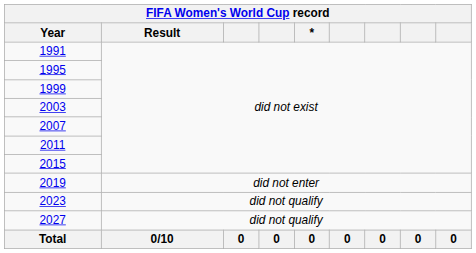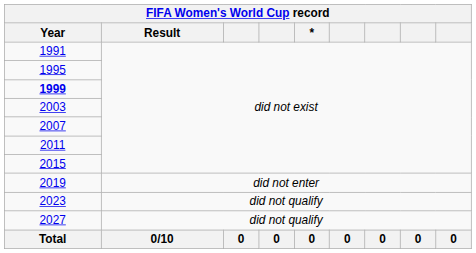 <table class="wikitable" style="text-align: center; width:50%;">
 <tr>
 <th colspan=10><a href='#'>FIFA Women's World Cup</a> record</th>
 </tr>
 <tr>
 <th>Year</th>
 <th>Result</th>
 <th></th>
 <th></th>
 <th>*</th>
 <th></th>
 <th></th>
 <th></th>
 <th></th>
 </tr>
 <tr>
 <td> <a href='#'>1991</a></td>
 <td rowspan=7 colspan=8><em>did not exist</em></td>
 </tr>
 <tr>
 <td> <a href='#'>1995</a></td>
 </tr>
 <tr>
-<td> <a href='#'>1999</a></td>
+<td><strong> <a href='#'>1999</a></strong></td>
 </tr>
 <tr>
 <td> <a href='#'>2003</a></td>
 </tr>
 <tr>
 <td> <a href='#'>2007</a></td>
 </tr>
 <tr>
 <td> <a href='#'>2011</a></td>
 </tr>
 <tr>
 <td> <a href='#'>2015</a></td>
 </tr>
 <tr>
 <td> <a href='#'>2019</a></td>
 <td colspan=8><em>did not enter</em></td>
 </tr>
 <tr>
 <td> <a href='#'>2023</a></td>
 <td colspan=8><em>did not qualify</em></td>
 </tr>
 <tr>
 <td> <a href='#'>2027</a></td>
 <td colspan=8><em>did not qualify</em></td>
 </tr>
 <tr>
 <th>Total</th>
 <th>0/10</th>
 <th>0</th>
 <th>0</th>
 <th>0</th>
 <th>0</th>
 <th>0</th>
 <th>0</th>
 <th>0</th>
 </tr>
 </table>
